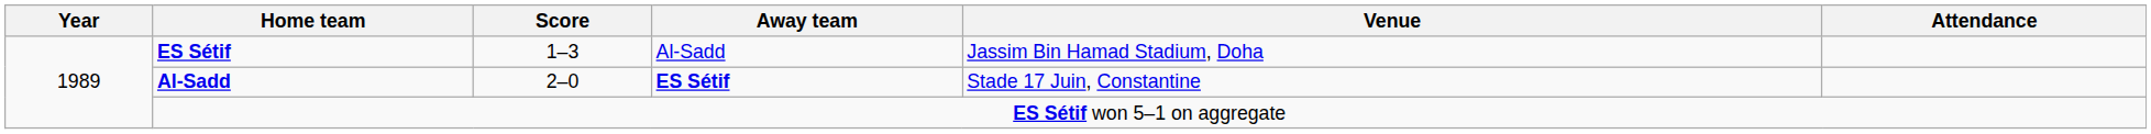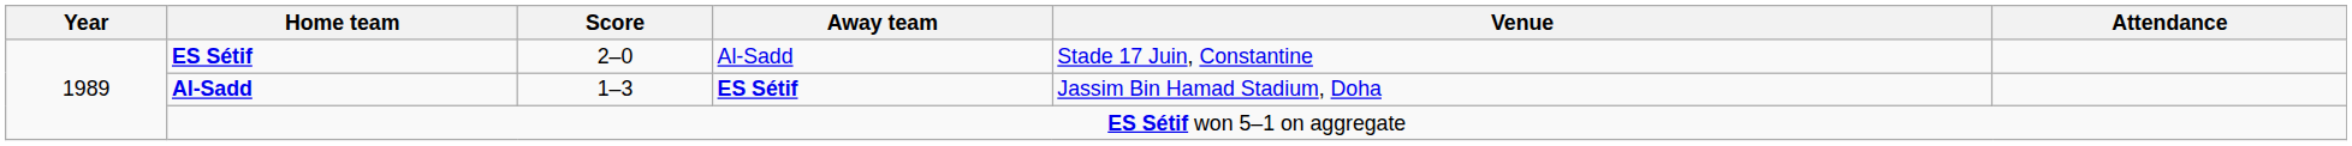 <table class="wikitable" width="100%" style="font-size:90%;">
 <tr>
 <th>Year</th>
 <th>Home team</th>
 <th>Score</th>
 <th>Away team</th>
 <th>Venue</th>
 <th>Attendance</th>
 </tr>
 <tr>
 <td rowspan=3 align=center>1989</td>
 <td> <strong><a href='#'>ES Sétif</a></strong></td>
-<td align=center>1–3</td>
+<td align=center>2–0</td>
 <td> <a href='#'>Al-Sadd</a></td>
-<td><a href='#'>Jassim Bin Hamad Stadium</a>, <a href='#'>Doha</a></td>
+<td><a href='#'>Stade 17 Juin</a>, <a href='#'>Constantine</a></td>
 <td align=center></td>
 </tr>
 <tr>
 <td><strong> <a href='#'>Al-Sadd</a></strong></td>
-<td align=center>2–0</td>
+<td align=center>1–3</td>
 <td> <strong><a href='#'>ES Sétif</a></strong></td>
-<td><a href='#'>Stade 17 Juin</a>, <a href='#'>Constantine</a></td>
+<td><a href='#'>Jassim Bin Hamad Stadium</a>, <a href='#'>Doha</a></td>
 <td align=center></td>
 </tr>
 <tr>
 <td colspan=5 align=center><strong><a href='#'>ES Sétif</a></strong> won 5–1 on aggregate</td>
 </tr>
 </table>
